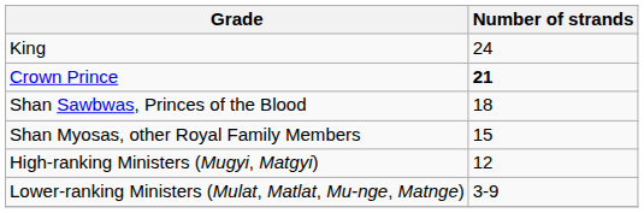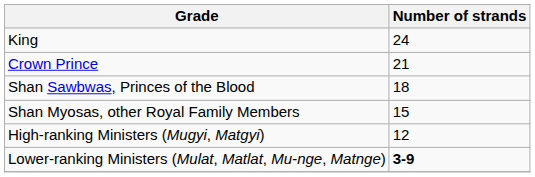 <table class=wikitable>
 <tr>
 <th>Grade</th>
 <th>Number of strands</th>
 </tr>
 <tr>
 <td>King</td>
 <td>24</td>
 </tr>
 <tr>
 <td><a href='#'>Crown Prince</a></td>
-<td><strong>21</strong></td>
+<td>21</td>
 </tr>
 <tr>
 <td>Shan <a href='#'>Sawbwas</a>, Princes of the Blood</td>
 <td>18</td>
 </tr>
 <tr>
 <td>Shan Myosas, other Royal Family Members</td>
 <td>15</td>
 </tr>
 <tr>
 <td>High-ranking Ministers (<em>Mugyi</em>, <em>Matgyi</em>)</td>
 <td>12</td>
 </tr>
 <tr>
 <td>Lower-ranking Ministers (<em>Mulat</em>, <em>Matlat</em>, <em>Mu-nge</em>, <em>Matnge</em>)</td>
-<td>3-9</td>
+<td><strong>3-9</strong></td>
 </tr>
 <tr>
 </tr>
 </table>
